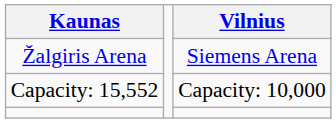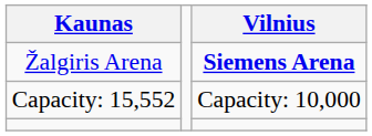 <table class="wikitable" style="text-align:center;margin: 1em auto;">
 <tr>
 <th><a href='#'>Kaunas</a></th>
 <td rowspan=4></td>
 <th><a href='#'>Vilnius</a></th>
 </tr>
 <tr>
 <td><a href='#'>Žalgiris Arena</a></td>
-<td><a href='#'>Siemens Arena</a></td>
+<td><strong><a href='#'>Siemens Arena</a></strong></td>
 </tr>
 <tr>
 <td>Capacity: 15,552</td>
 <td>Capacity: 10,000</td>
 </tr>
 <tr>
 <td></td>
 <td></td>
 </tr>
 </table>
